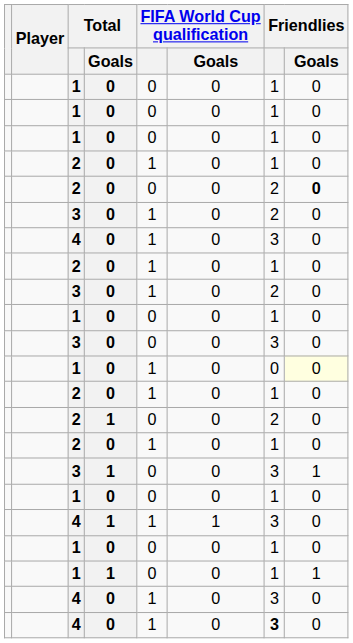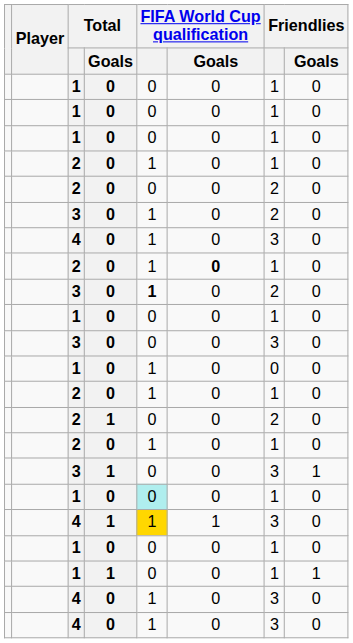 <table class="wikitable sortable" style="text-align:center;">
 <tr>
 <th rowspan="2"></th>
 <th rowspan="2">Player</th>
 <th colspan="2">Total</th>
 <th colspan="2"><a href='#'>FIFA World Cup<br>qualification</a></th>
 <th colspan="2">Friendlies</th>
 </tr>
 <tr>
 <th></th>
 <th>Goals</th>
 <th></th>
 <th>Goals</th>
 <th></th>
 <th>Goals</th>
 </tr>
 <tr>
 <td></td>
 <td align="left"><br></td>
 <th>1</th>
 <th>0<br></th>
 <td>0</td>
 <td>0<br></td>
 <td>1</td>
 <td>0</td>
 </tr>
 <tr>
 <td></td>
 <td align="left"><br></td>
 <th>1</th>
 <th>0<br></th>
 <td>0</td>
 <td>0<br></td>
 <td>1</td>
 <td>0</td>
 </tr>
 <tr>
 <td></td>
 <td align="left"><br></td>
 <th>1</th>
 <th>0<br></th>
 <td>0</td>
 <td>0<br></td>
 <td>1</td>
 <td>0</td>
 </tr>
 <tr>
 <td></td>
 <td align="left"><br></td>
 <th>2</th>
 <th>0<br></th>
 <td>1</td>
 <td>0<br></td>
 <td>1</td>
 <td>0</td>
 </tr>
 <tr>
 <td></td>
 <td align="left"><br></td>
 <th>2</th>
 <th>0<br></th>
 <td>0</td>
 <td>0<br></td>
 <td>2</td>
-<td><strong>0</strong></td>
+<td>0</td>
 </tr>
 <tr>
 <td></td>
 <td align="left"><br></td>
 <th>3</th>
 <th>0<br></th>
 <td>1</td>
 <td>0<br></td>
 <td>2</td>
 <td>0</td>
 </tr>
 <tr>
 <td></td>
 <td align="left"><br></td>
 <th>4</th>
 <th>0<br></th>
 <td>1</td>
 <td>0<br></td>
 <td>3</td>
 <td>0</td>
 </tr>
 <tr>
 <td></td>
 <td align="left"><br></td>
 <th>2</th>
 <th>0<br></th>
 <td>1</td>
-<td>0<br></td>
+<td><strong>0<br></strong></td>
 <td>1</td>
 <td>0</td>
 </tr>
 <tr>
 <td></td>
 <td align="left"><br></td>
 <th>3</th>
 <th>0<br></th>
-<td>1</td>
+<td><strong>1</strong></td>
 <td>0<br></td>
 <td>2</td>
 <td>0</td>
 </tr>
 <tr>
 <td></td>
 <td align="left"><br></td>
 <th>1</th>
 <th>0<br></th>
 <td>0</td>
 <td>0<br></td>
 <td>1</td>
 <td>0</td>
 </tr>
 <tr>
 <td></td>
 <td align="left"><br></td>
 <th>3</th>
 <th>0<br></th>
 <td>0</td>
 <td>0<br></td>
 <td>3</td>
 <td>0</td>
 </tr>
 <tr>
 <td></td>
 <td align="left"><br></td>
 <th>1</th>
 <th>0<br></th>
 <td>1</td>
 <td>0<br></td>
 <td>0</td>
-<td style="background: lightyellow;">0</td>
+<td>0</td>
 </tr>
 <tr>
 <td></td>
 <td align="left"><br></td>
 <th>2</th>
 <th>0<br></th>
 <td>1</td>
 <td>0<br></td>
 <td>1</td>
 <td>0</td>
 </tr>
 <tr>
 <td></td>
 <td align="left"><br></td>
 <th>2</th>
 <th>1<br></th>
 <td>0</td>
 <td>0<br></td>
 <td>2</td>
 <td>0</td>
 </tr>
 <tr>
 <td></td>
 <td align="left"><br></td>
 <th>2</th>
 <th>0<br></th>
 <td>1</td>
 <td>0<br></td>
 <td>1</td>
 <td>0</td>
 </tr>
 <tr>
 <td></td>
 <td align="left"><br></td>
 <th>3</th>
 <th>1<br></th>
 <td>0</td>
 <td>0<br></td>
 <td>3</td>
 <td>1</td>
 </tr>
 <tr>
 <td></td>
 <td align="left"><br></td>
 <th>1</th>
 <th>0<br></th>
-<td>0</td>
+<td style="background: paleturquoise;">0</td>
 <td>0<br></td>
 <td>1</td>
 <td>0</td>
 </tr>
 <tr>
 <td></td>
 <td align="left"><br></td>
 <th>4</th>
 <th>1<br></th>
-<td>1</td>
+<td style="background: gold;">1</td>
 <td>1<br></td>
 <td>3</td>
 <td>0</td>
 </tr>
 <tr>
 <td></td>
 <td align="left"><br></td>
 <th>1</th>
 <th>0<br></th>
 <td>0</td>
 <td>0<br></td>
 <td>1</td>
 <td>0</td>
 </tr>
 <tr>
 <td></td>
 <td align="left"><br></td>
 <th>1</th>
 <th>1<br></th>
 <td>0</td>
 <td>0<br></td>
 <td>1</td>
 <td>1</td>
 </tr>
 <tr>
 <td></td>
 <td align="left"><br></td>
 <th>4</th>
 <th>0<br></th>
 <td>1</td>
 <td>0<br></td>
 <td>3</td>
 <td>0</td>
 </tr>
 <tr>
 <td></td>
 <td align="left"><br></td>
 <th>4</th>
 <th>0<br></th>
 <td>1</td>
 <td>0<br></td>
-<td><strong>3</strong></td>
+<td>3</td>
 <td>0</td>
 </tr>
 </table>
